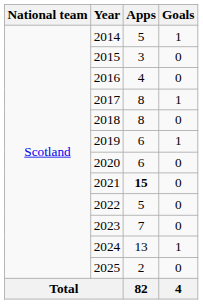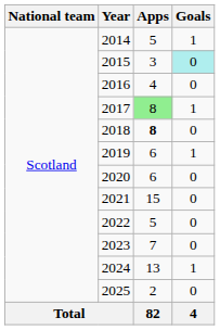 <table class="wikitable" style="text-align: center;">
 <tr>
 <th>National team</th>
 <th>Year</th>
 <th>Apps</th>
 <th>Goals</th>
 </tr>
 <tr>
 <td rowspan="12"><a href='#'>Scotland</a></td>
 <td>2014</td>
 <td>5</td>
 <td>1</td>
 </tr>
 <tr>
 <td>2015</td>
 <td>3</td>
-<td>0</td>
+<td style="background: paleturquoise;">0</td>
 </tr>
 <tr>
 <td>2016</td>
 <td>4</td>
 <td>0</td>
 </tr>
 <tr>
 <td>2017</td>
-<td>8</td>
+<td style="background: lightgreen;">8</td>
 <td>1</td>
 </tr>
 <tr>
 <td>2018</td>
-<td>8</td>
+<td><strong>8</strong></td>
 <td>0</td>
 </tr>
 <tr>
 <td>2019</td>
 <td>6</td>
 <td>1</td>
 </tr>
 <tr>
 <td>2020</td>
 <td>6</td>
 <td>0</td>
 </tr>
 <tr>
 <td>2021</td>
-<td><strong>15</strong></td>
+<td>15</td>
 <td>0</td>
 </tr>
 <tr>
 <td>2022</td>
 <td>5</td>
 <td>0</td>
 </tr>
 <tr>
 <td>2023</td>
 <td>7</td>
 <td>0</td>
 </tr>
 <tr>
 <td>2024</td>
 <td>13</td>
 <td>1</td>
 </tr>
 <tr>
 <td>2025</td>
 <td>2</td>
 <td>0</td>
 </tr>
 <tr>
 <th colspan="2">Total</th>
 <th>82</th>
 <th>4</th>
 </tr>
 </table>
